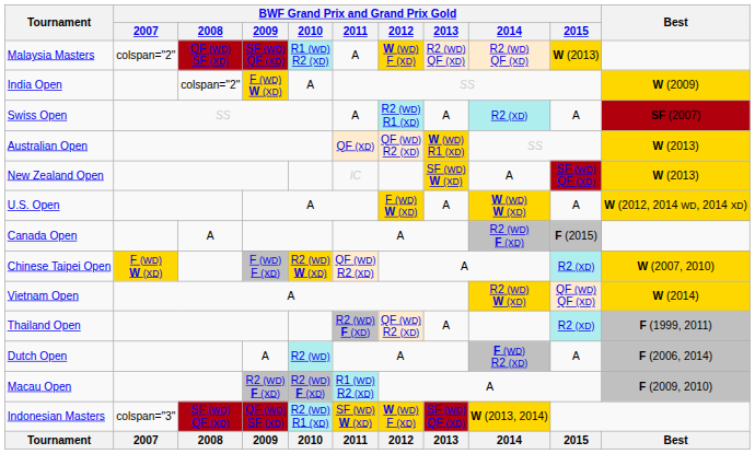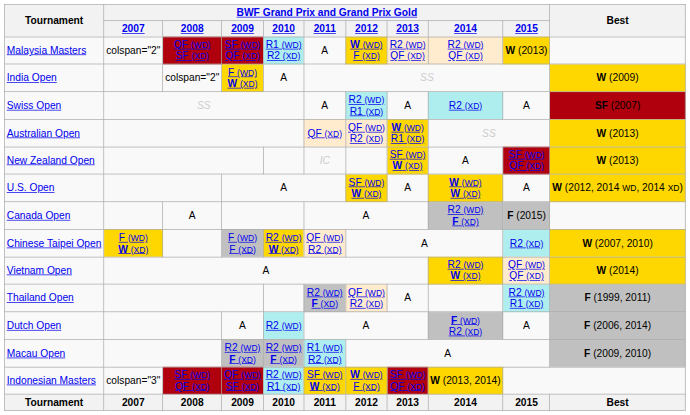 <table class="wikitable" style="font-size: 90%; text-align:center">
 <tr>
 <th rowspan="2">Tournament</th>
 <th colspan="9"><strong><a href='#'>BWF Grand Prix and Grand Prix Gold</a></strong></th>
 <th rowspan="2">Best</th>
 </tr>
 <tr>
 <th><a href='#'>2007</a></th>
 <th><a href='#'>2008</a></th>
 <th><a href='#'>2009</a></th>
 <th><a href='#'>2010</a></th>
 <th><a href='#'>2011</a></th>
 <th><a href='#'>2012</a></th>
 <th><a href='#'>2013</a></th>
 <th><a href='#'>2014</a></th>
 <th><a href='#'>2015</a></th>
 </tr>
 <tr>
 <td align=left><a href='#'>Malaysia Masters</a></td>
 <td>colspan="2" </td>
 <td bgcolor=Bronze><a href='#'>QF <small>(WD)</small></a><br><a href='#'>SF <small>(XD)</small></a></td>
 <td bgcolor=Bronze><a href='#'>SF <small>(WD)</small></a><br><a href='#'>QF <small>(XD)</small></a></td>
 <td bgcolor=AFEEEE><a href='#'>R1 <small>(WD)</small></a><br><a href='#'>R2 <small>(XD)</small></a></td>
 <td>A</td>
 <td bgcolor=Gold><a href='#'><strong>W</strong> <small>(WD)</small></a> <br> <a href='#'>F <small>(XD)</small></a></td>
 <td bgcolor=ffebcd><a href='#'>R2 <small>(WD)</small></a><br><a href='#'>QF <small>(XD)</small></a></td>
 <td bgcolor=ffebcd><a href='#'>R2 <small>(WD)</small></a><br><a href='#'>QF <small>(XD)</small></a></td>
 <td bgcolor=Gold><strong>W</strong> (2013)</td>
 </tr>
 <tr>
 <td align=left><a href='#'>India Open</a></td>
 <td></td>
 <td>colspan="2" </td>
 <td bgcolor=Gold><a href='#'>F <small>(WD)</small></a><br><a href='#'><strong>W</strong> <small>(XD)</small></a></td>
 <td>A</td>
 <td colspan="5" style=color:#ccc><em>SS</em></td>
 <td bgcolor=Gold><strong>W</strong> (2009)</td>
 </tr>
 <tr>
 <td align=left><a href='#'>Swiss Open</a></td>
 <td colspan="4" style=color:#ccc><em>SS</em></td>
 <td>A</td>
 <td bgcolor=AFEEEE><a href='#'>R2 <small>(WD)</small></a><br> <a href='#'>R1 <small>(XD)</small></a></td>
 <td>A</td>
 <td bgcolor=AFEEEE><a href='#'>R2 <small>(XD)</small></a></td>
 <td>A</td>
 <td bgcolor=Bronze><strong>SF</strong> (2007)</td>
 </tr>
 <tr>
 <td align=left><a href='#'>Australian Open</a></td>
 <td colspan="4"></td>
 <td bgcolor=ffebcd><a href='#'>QF <small>(XD)</small></a></td>
 <td bgcolor=FFEBCD><a href='#'>QF <small>(WD)</small></a><br><a href='#'>R2 <small>(XD)</small></a></td>
 <td bgcolor=Gold><a href='#'><strong>W</strong> <small>(WD)</small></a><br><a href='#'>R1 <small>(XD)</small></a></td>
 <td colspan="2" style=color:#ccc><em>SS</em></td>
 <td bgcolor=Gold><strong>W</strong> (2013)</td>
 </tr>
 <tr>
 <td align=left><a href='#'>New Zealand Open</a></td>
 <td colspan="3"></td>
 <td></td>
 <td style=color:#ccc><em>IC</em></td>
 <td></td>
 <td bgcolor=Gold><a href='#'>SF <small>(WD)</small></a><br><a href='#'><strong>W</strong> <small>(XD)</small></a></td>
 <td>A</td>
 <td bgcolor=Bronze><a href='#'>SF <small>(WD)</small></a><br><a href='#'>QF <small>(XD)</small></a></td>
 <td bgcolor=Gold><strong>W</strong> (2013)</td>
 </tr>
 <tr>
 <td align=left><a href='#'>U.S. Open</a></td>
 <td colspan="2"></td>
 <td colspan="3">A</td>
-<td bgcolor=Gold><a href='#'>F <small>(WD)</small></a><br><a href='#'><strong>W</strong> <small>(XD)</small></a></td>
+<td bgcolor=Gold><a href='#'>SF <small>(WD)</small></a><br><a href='#'><strong>W</strong> <small>(XD)</small></a></td>
 <td>A</td>
 <td bgcolor=Gold><a href='#'><strong>W</strong> <small>(WD)</small></a><br><a href='#'><strong>W</strong> <small>(XD)</small></a></td>
 <td>A</td>
 <td bgcolor=Gold><strong>W</strong> (2012, 2014 <small>WD</small>, 2014 <small>XD</small>)</td>
 </tr>
 <tr>
 <td align=left><a href='#'>Canada Open</a></td>
 <td></td>
 <td>A</td>
 <td colspan="2"></td>
 <td colspan="3">A</td>
 <td bgcolor=Silver><a href='#'>R2 <small>(WD)</small></a> <br> <a href='#'><strong>F</strong> <small>(XD)</small></a></td>
 <td bgcolor=Silver><strong>F</strong> (2015)</td>
 </tr>
 <tr>
 <td align=left><a href='#'>Chinese Taipei Open</a></td>
 <td bgcolor=Gold><a href='#'>F <small>(WD)</small></a><br><a href='#'><strong>W</strong> <small>(XD)</small></a></td>
 <td></td>
 <td bgcolor=Silver><a href='#'>F <small>(WD)</small></a><br><a href='#'>F <small>(XD)</small></a></td>
 <td bgcolor=Gold><a href='#'>R2 <small>(WD)</small></a><br><a href='#'><strong>W</strong> <small>(XD)</small></a></td>
 <td bgcolor=FFEBCD><a href='#'>QF <small>(WD)</small></a> <br> <a href='#'>R2 <small>(XD)</small></a></td>
 <td colspan="3">A</td>
 <td bgcolor=AFEEEE><a href='#'>R2 <small>(XD)</small></a></td>
 <td bgcolor=Gold><strong>W</strong> (2007, 2010)</td>
 </tr>
 <tr>
 <td align=left><a href='#'>Vietnam Open</a></td>
 <td colspan="7">A</td>
 <td bgcolor=Gold><a href='#'>R2 <small>(WD)</small></a><br><a href='#'><strong>W</strong> <small>(XD)</small></a></td>
 <td bgcolor=FFEBCD><a href='#'>QF <small>(WD)</small></a><br><a href='#'>QF <small>(XD)</small></a></td>
 <td bgcolor=Gold><strong>W</strong> (2014)</td>
 </tr>
 <tr>
 <td align=left><a href='#'>Thailand Open</a></td>
 <td colspan="3"></td>
 <td></td>
 <td bgcolor=Silver><a href='#'>R2 <small>(WD)</small></a><br><a href='#'><strong>F</strong> <small>(XD)</small></a></td>
 <td bgcolor=FFEBCD><a href='#'>QF <small>(WD)</small></a><br><a href='#'>R2 <small>(XD)</small></a></td>
 <td>A</td>
 <td></td>
-<td bgcolor=AFEEEE><a href='#'>R2 <small>(XD)</small></a></td>
+<td bgcolor=AFEEEE><a href='#'>R2 <small>(WD)</small></a><br><a href='#'>R1 <small>(XD)</small></a></td>
 <td bgcolor=Silver><strong>F</strong> (1999, 2011)</td>
 </tr>
 <tr>
 <td align=left><a href='#'>Dutch Open</a></td>
 <td colspan="2"></td>
 <td>A</td>
 <td bgcolor=AFEEEE><a href='#'>R2 <small>(WD)</small></a></td>
 <td colspan="3">A</td>
 <td bgcolor=Silver><a href='#'><strong>F</strong> <small>(WD)</small></a><br><a href='#'>R2 <small>(XD)</small></a></td>
 <td>A</td>
 <td bgcolor=Silver><strong>F</strong> (2006, 2014)</td>
 </tr>
 <tr>
 <td align=left><a href='#'>Macau Open</a></td>
 <td colspan="2"></td>
 <td bgcolor=Silver><a href='#'>R2 <small>(WD)</small></a><br><a href='#'><strong>F</strong> <small>(XD)</small></a></td>
 <td bgcolor=Silver><a href='#'>R2 <small>(WD)</small></a><br><a href='#'><strong>F</strong> <small>(XD)</small></a></td>
 <td bgcolor=AFEEEE><a href='#'>R1 <small>(WD)</small></a><br><a href='#'>R2 <small>(XD)</small></a></td>
 <td colspan="4">A</td>
 <td bgcolor=Silver><strong>F</strong> (2009, 2010)</td>
 </tr>
 <tr>
 <td align=left><a href='#'>Indonesian Masters</a></td>
 <td>colspan="3" </td>
 <td bgcolor=Bronze><a href='#'>SF <small>(WD)</small></a> <br> <a href='#'>QF <small>(XD)</small></a></td>
 <td bgcolor=Bronze><a href='#'>QF <small>(WD)</small></a> <br> <a href='#'>SF <small>(XD)</small></a></td>
 <td bgcolor=AFEEEE><a href='#'>R2 <small>(WD)</small></a> <br> <a href='#'>R1 <small>(XD)</small></a></td>
 <td bgcolor=Gold><a href='#'>SF <small>(WD)</small></a> <br> <a href='#'><strong>W</strong> <small>(XD)</small></a></td>
 <td bgcolor=Gold><a href='#'><strong>W</strong> <small>(WD)</small></a> <br> <a href='#'>F <small>(XD)</small></a></td>
 <td bgcolor=Bronze><a href='#'>SF <small>(WD)</small></a> <br> <a href='#'>QF <small>(XD)</small></a></td>
 <td bgcolor=Gold><strong>W</strong> (2013, 2014)</td>
 </tr>
 <tr>
 <th>Tournament</th>
 <th>2007</th>
 <th>2008</th>
 <th>2009</th>
 <th>2010</th>
 <th>2011</th>
 <th>2012</th>
 <th>2013</th>
 <th>2014</th>
 <th>2015</th>
 <th>Best</th>
 </tr>
 </table>
